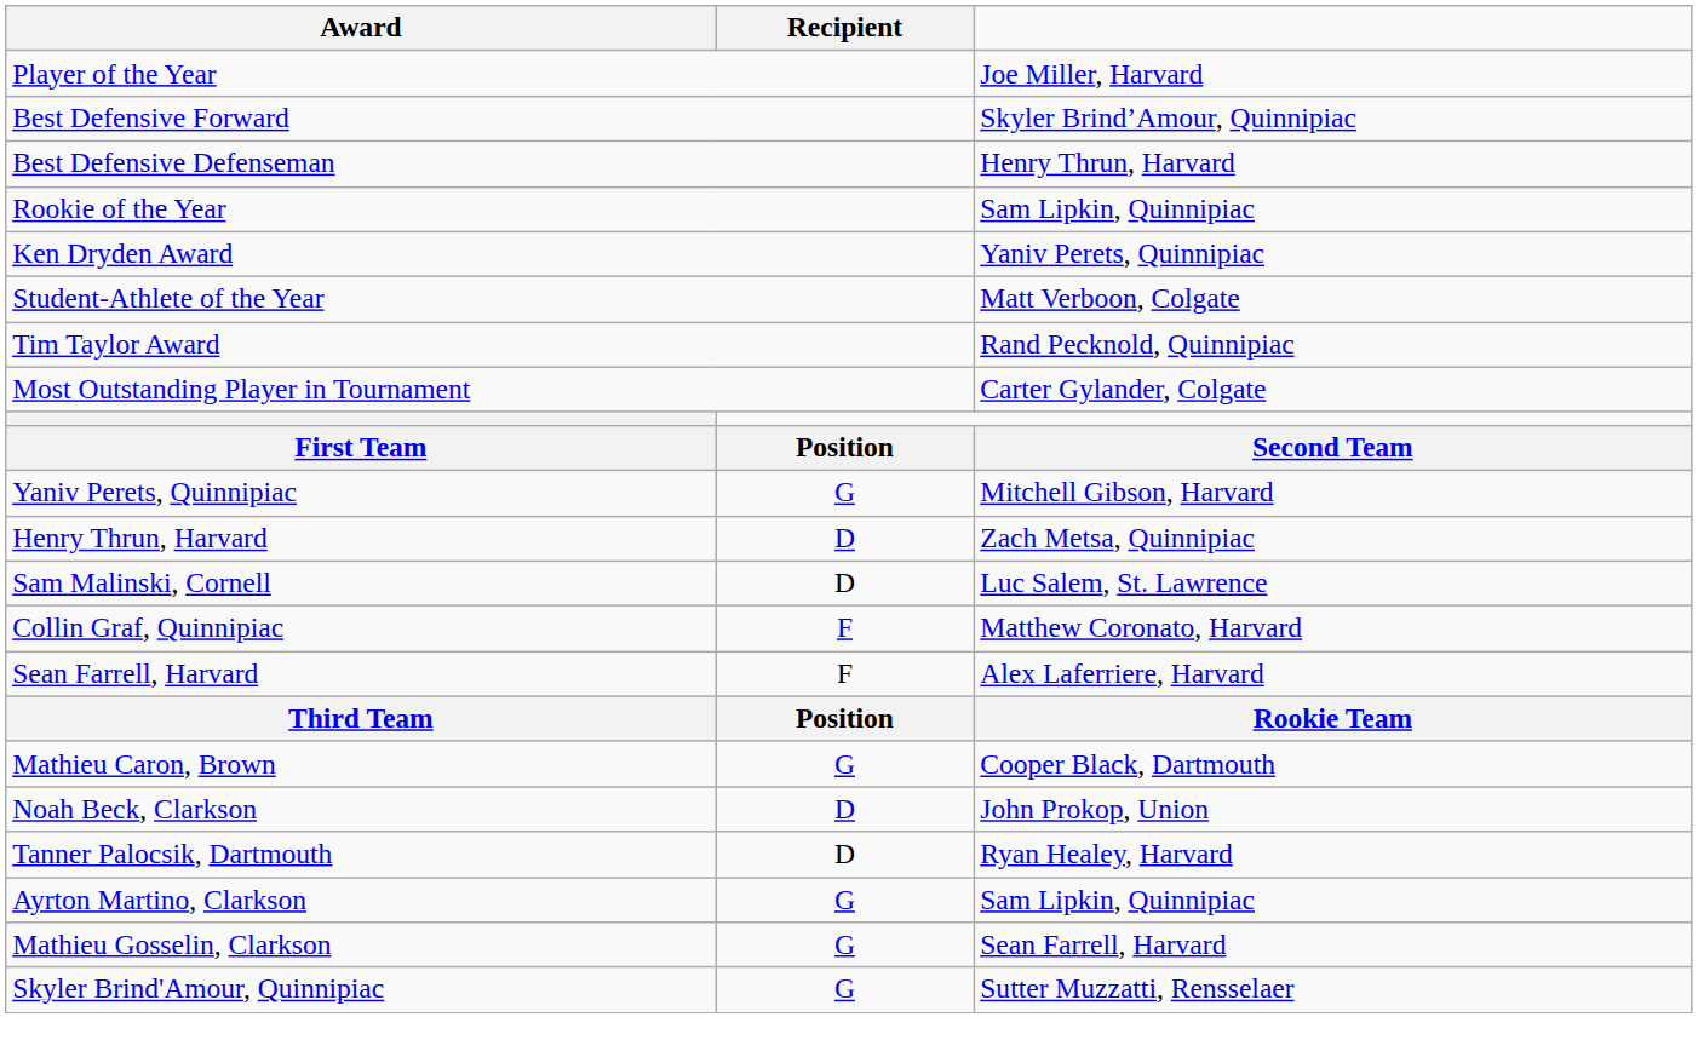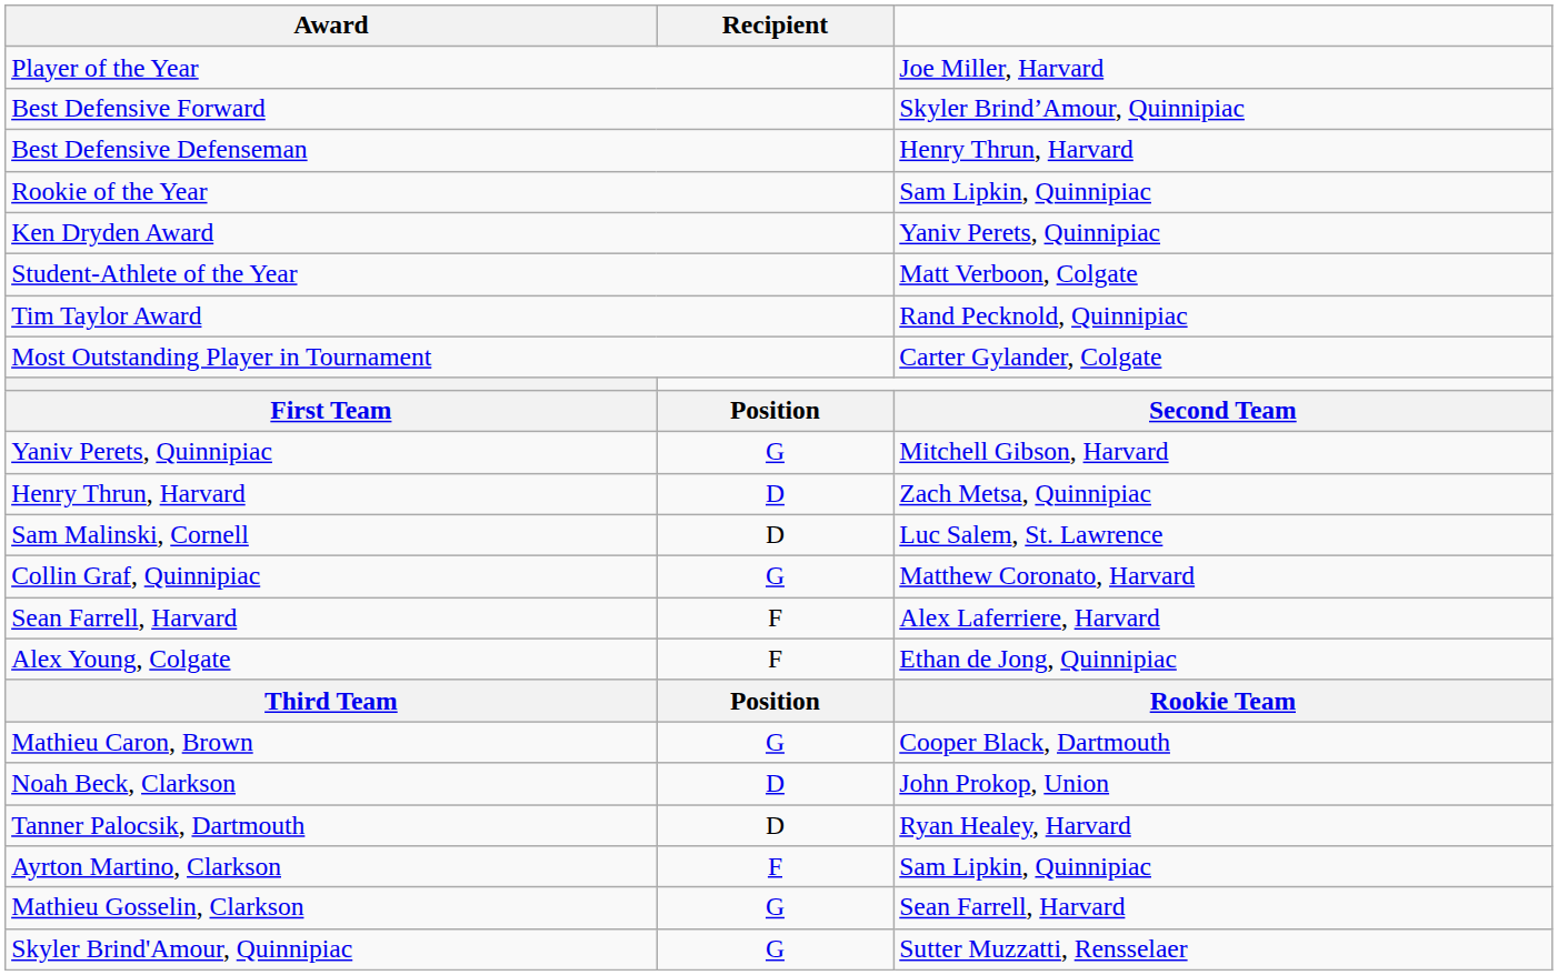 <table class="wikitable" width=75%>
 <tr>
 <th>Award</th>
 <th>Recipient </th>
 </tr>
 <tr>
 <td colspan=2><a href='#'>Player of the Year</a></td>
 <td><a href='#'>Joe Miller</a>, <a href='#'>Harvard</a></td>
 </tr>
 <tr>
 <td colspan=2><a href='#'>Best Defensive Forward</a></td>
 <td><a href='#'>Skyler Brind’Amour</a>, <a href='#'>Quinnipiac</a></td>
 </tr>
 <tr>
 <td colspan=2><a href='#'>Best Defensive Defenseman</a></td>
 <td><a href='#'>Henry Thrun</a>, <a href='#'>Harvard</a></td>
 </tr>
 <tr>
 <td colspan=2><a href='#'>Rookie of the Year</a></td>
 <td><a href='#'>Sam Lipkin</a>, <a href='#'>Quinnipiac</a></td>
 </tr>
 <tr>
 <td colspan=2><a href='#'>Ken Dryden Award</a></td>
 <td><a href='#'>Yaniv Perets</a>, <a href='#'>Quinnipiac</a></td>
 </tr>
 <tr>
 <td colspan=2><a href='#'>Student-Athlete of the Year</a></td>
 <td><a href='#'>Matt Verboon</a>, <a href='#'>Colgate</a></td>
 </tr>
 <tr>
 <td colspan=2><a href='#'>Tim Taylor Award</a></td>
 <td><a href='#'>Rand Pecknold</a>, <a href='#'>Quinnipiac</a></td>
 </tr>
 <tr>
 <td colspan=2><a href='#'>Most Outstanding Player in Tournament</a></td>
 <td><a href='#'>Carter Gylander</a>, <a href='#'>Colgate</a></td>
 </tr>
 <tr>
 <th><a href='#'></a></th>
 </tr>
 <tr>
 <th><a href='#'>First Team</a></th>
 <th>  Position  </th>
 <th><a href='#'>Second Team</a></th>
 </tr>
 <tr>
 <td><a href='#'>Yaniv Perets</a>, <a href='#'>Quinnipiac</a></td>
 <td align=center><a href='#'>G</a></td>
 <td><a href='#'>Mitchell Gibson</a>, <a href='#'>Harvard</a></td>
 </tr>
 <tr>
 <td><a href='#'>Henry Thrun</a>, <a href='#'>Harvard</a></td>
 <td align=center><a href='#'>D</a></td>
 <td><a href='#'>Zach Metsa</a>, <a href='#'>Quinnipiac</a></td>
 </tr>
 <tr>
 <td><a href='#'>Sam Malinski</a>, <a href='#'>Cornell</a></td>
 <td align=center>D</td>
 <td><a href='#'>Luc Salem</a>, <a href='#'>St. Lawrence</a></td>
 </tr>
 <tr>
 <td><a href='#'>Collin Graf</a>, <a href='#'>Quinnipiac</a></td>
-<td align=center><a href='#'>F</a></td>
+<td align=center><a href='#'>G</a></td>
 <td><a href='#'>Matthew Coronato</a>, <a href='#'>Harvard</a></td>
 </tr>
 <tr>
 <td><a href='#'>Sean Farrell</a>, <a href='#'>Harvard</a></td>
 <td align=center>F</td>
 <td><a href='#'>Alex Laferriere</a>, <a href='#'>Harvard</a></td>
+</tr>
+<tr>
+<td><a href='#'>Alex Young</a>, <a href='#'>Colgate</a></td>
+<td align=center>F</td>
+<td><a href='#'>Ethan de Jong</a>, <a href='#'>Quinnipiac</a></td>
 </tr>
 <tr>
 <th><a href='#'>Third Team</a></th>
 <th>  Position  </th>
 <th><a href='#'>Rookie Team</a></th>
 </tr>
 <tr>
 <td><a href='#'>Mathieu Caron</a>, <a href='#'>Brown</a></td>
 <td align=center><a href='#'>G</a></td>
 <td><a href='#'>Cooper Black</a>, <a href='#'>Dartmouth</a></td>
 </tr>
 <tr>
 <td><a href='#'>Noah Beck</a>, <a href='#'>Clarkson</a></td>
 <td align=center><a href='#'>D</a></td>
 <td><a href='#'>John Prokop</a>, <a href='#'>Union</a></td>
 </tr>
 <tr>
 <td><a href='#'>Tanner Palocsik</a>, <a href='#'>Dartmouth</a></td>
 <td align=center>D</td>
 <td><a href='#'>Ryan Healey</a>, <a href='#'>Harvard</a></td>
 </tr>
 <tr>
 <td><a href='#'>Ayrton Martino</a>, <a href='#'>Clarkson</a></td>
-<td align=center><a href='#'>G</a></td>
+<td align=center><a href='#'>F</a></td>
 <td><a href='#'>Sam Lipkin</a>, <a href='#'>Quinnipiac</a></td>
 </tr>
 <tr>
 <td><a href='#'>Mathieu Gosselin</a>, <a href='#'>Clarkson</a></td>
 <td align=center><a href='#'>G</a></td>
 <td><a href='#'>Sean Farrell</a>, <a href='#'>Harvard</a></td>
 </tr>
 <tr>
 <td><a href='#'>Skyler Brind'Amour</a>, <a href='#'>Quinnipiac</a></td>
 <td align=center><a href='#'>G</a></td>
 <td><a href='#'>Sutter Muzzatti</a>, <a href='#'>Rensselaer</a></td>
 </tr>
 </table>
